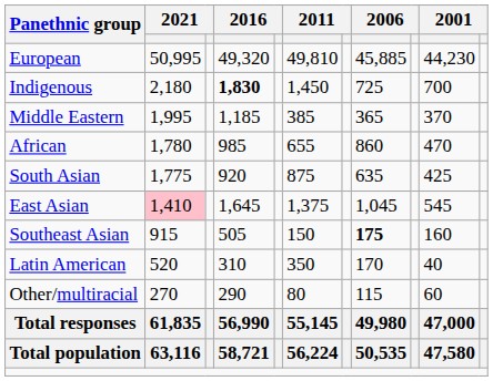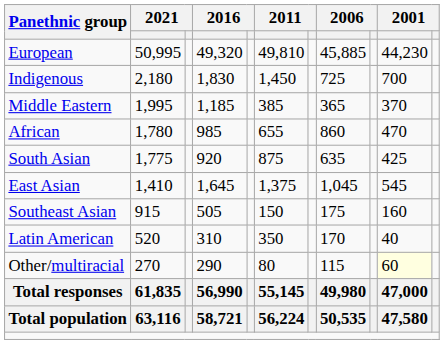 <table class="wikitable collapsible sortable">
 <tr>
 <th rowspan="2"><a href='#'>Panethnic</a> group</th>
 <th colspan="2">2021</th>
 <th colspan="2">2016</th>
 <th colspan="2">2011</th>
 <th colspan="2">2006</th>
 <th colspan="2">2001</th>
 </tr>
 <tr>
 <th><a href='#'></a></th>
 <th></th>
 <th></th>
 <th></th>
 <th></th>
 <th></th>
 <th></th>
 <th></th>
 <th></th>
 <th></th>
 </tr>
 <tr>
 <td><a href='#'>European</a></td>
 <td>50,995</td>
 <td></td>
 <td>49,320</td>
 <td></td>
 <td>49,810</td>
 <td></td>
 <td>45,885</td>
 <td></td>
 <td>44,230</td>
 <td></td>
 </tr>
 <tr>
 <td><a href='#'>Indigenous</a></td>
 <td>2,180</td>
 <td></td>
-<td><strong>1,830</strong></td>
+<td>1,830</td>
 <td></td>
 <td>1,450</td>
 <td></td>
 <td>725</td>
 <td></td>
 <td>700</td>
 <td></td>
 </tr>
 <tr>
 <td><a href='#'>Middle Eastern</a></td>
 <td>1,995</td>
 <td></td>
 <td>1,185</td>
 <td></td>
 <td>385</td>
 <td></td>
 <td>365</td>
 <td></td>
 <td>370</td>
 <td></td>
 </tr>
 <tr>
 <td><a href='#'>African</a></td>
 <td>1,780</td>
 <td></td>
 <td>985</td>
 <td></td>
 <td>655</td>
 <td></td>
 <td>860</td>
 <td></td>
 <td>470</td>
 <td></td>
 </tr>
 <tr>
 <td><a href='#'>South Asian</a></td>
 <td>1,775</td>
 <td></td>
 <td>920</td>
 <td></td>
 <td>875</td>
 <td></td>
 <td>635</td>
 <td></td>
 <td>425</td>
 <td></td>
 </tr>
 <tr>
 <td><a href='#'>East Asian</a></td>
-<td style="background: pink;">1,410</td>
+<td>1,410</td>
 <td></td>
 <td>1,645</td>
 <td></td>
 <td>1,375</td>
 <td></td>
 <td>1,045</td>
 <td></td>
 <td>545</td>
 <td></td>
 </tr>
 <tr>
 <td><a href='#'>Southeast Asian</a></td>
 <td>915</td>
 <td></td>
 <td>505</td>
 <td></td>
 <td>150</td>
 <td></td>
-<td><strong>175</strong></td>
+<td>175</td>
 <td></td>
 <td>160</td>
 <td></td>
 </tr>
 <tr>
 <td><a href='#'>Latin American</a></td>
 <td>520</td>
 <td></td>
 <td>310</td>
 <td></td>
 <td>350</td>
 <td></td>
 <td>170</td>
 <td></td>
 <td>40</td>
 <td></td>
 </tr>
 <tr>
 <td>Other/<a href='#'>multiracial</a></td>
 <td>270</td>
 <td></td>
 <td>290</td>
 <td></td>
 <td>80</td>
 <td></td>
 <td>115</td>
 <td></td>
-<td>60</td>
+<td style="background: lightyellow;">60</td>
 <td></td>
 </tr>
 <tr>
 <th>Total responses</th>
 <th>61,835</th>
 <th></th>
 <th>56,990</th>
 <th></th>
 <th>55,145</th>
 <th></th>
 <th>49,980</th>
 <th></th>
 <th>47,000</th>
 <th></th>
 </tr>
 <tr class="sortbottom">
 <th>Total population</th>
 <th>63,116</th>
 <th></th>
 <th>58,721</th>
 <th></th>
 <th>56,224</th>
 <th></th>
 <th>50,535</th>
 <th></th>
 <th>47,580</th>
 <th></th>
 </tr>
 <tr class="sortbottom">
 <td colspan="11"></td>
 </tr>
 </table>
